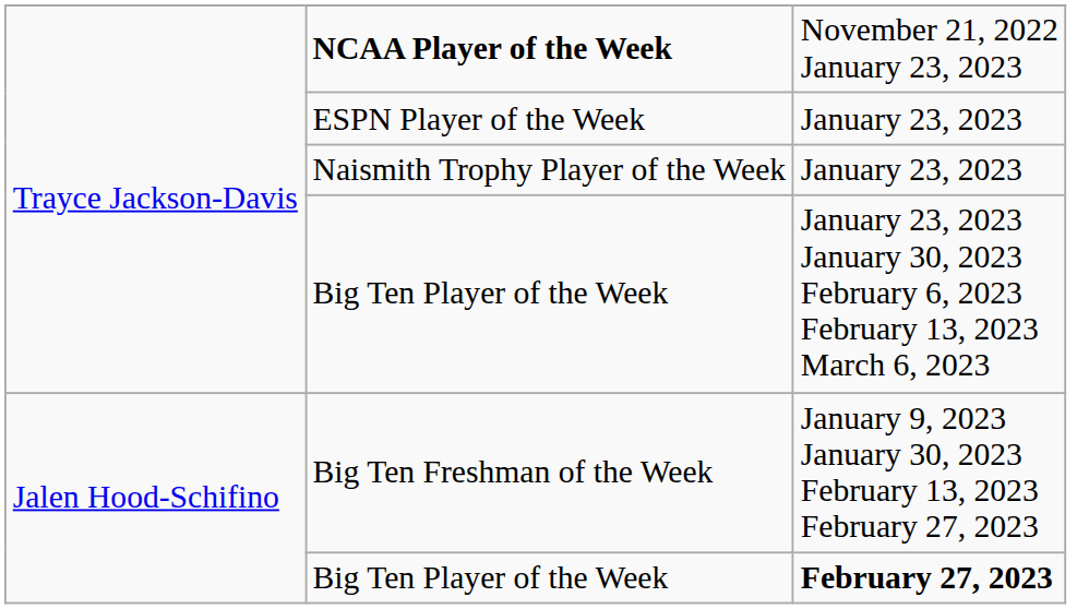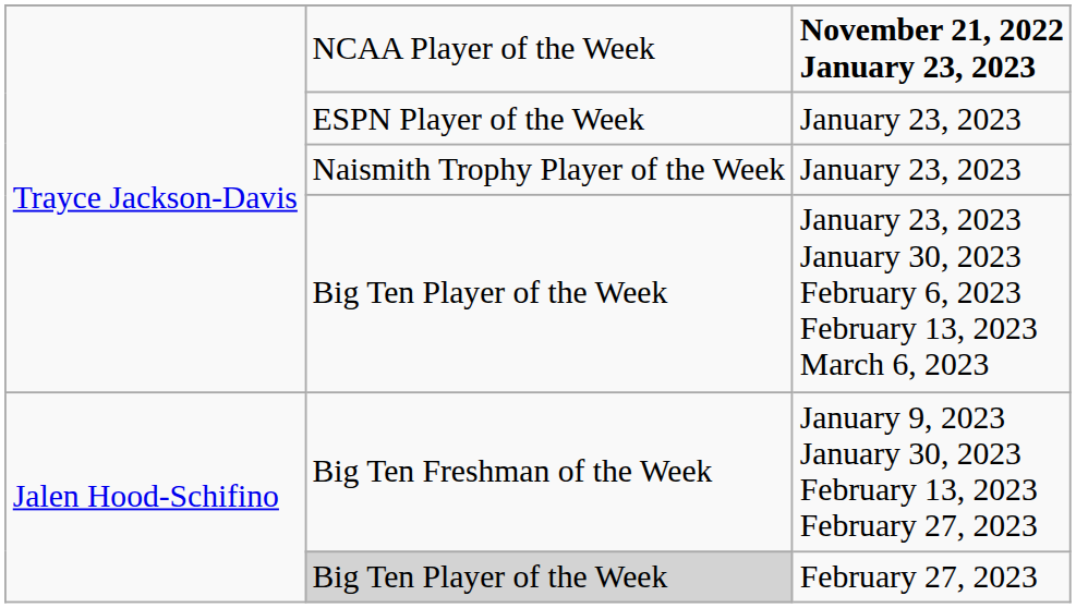 <table class=wikitable "border="1">
 <tr align=center>
 </tr>
 <tr>
 <td rowspan=4><a href='#'>Trayce Jackson-Davis</a></td>
-<td><strong>NCAA Player of the Week</strong></td>
-<td>November 21, 2022 <br> January 23, 2023</td>
+<td>NCAA Player of the Week</td>
+<td><strong>November 21, 2022 <br> January 23, 2023</strong></td>
 </tr>
 <tr>
 <td>ESPN Player of the Week</td>
 <td>January 23, 2023</td>
 </tr>
 <tr>
 <td>Naismith Trophy Player of the Week</td>
 <td>January 23, 2023</td>
 </tr>
 <tr>
 <td>Big Ten Player of the Week</td>
 <td>January 23, 2023 <br> January 30, 2023 <br> February 6, 2023 <br> February 13, 2023 <br> March 6, 2023</td>
 </tr>
 <tr>
 <td rowspan=2><a href='#'>Jalen Hood-Schifino</a></td>
 <td>Big Ten Freshman of the Week</td>
 <td>January 9, 2023 <br> January 30, 2023 <br> February 13, 2023 <br> February 27, 2023</td>
 </tr>
 <tr>
-<td>Big Ten Player of the Week</td>
-<td><strong>February 27, 2023</strong></td>
+<td style="background: lightgrey;">Big Ten Player of the Week</td>
+<td>February 27, 2023</td>
 </tr>
 </table>
